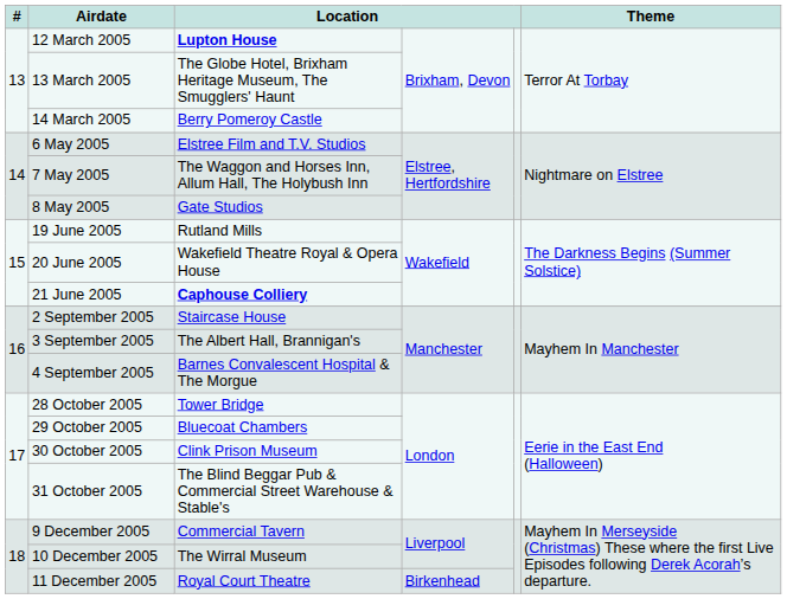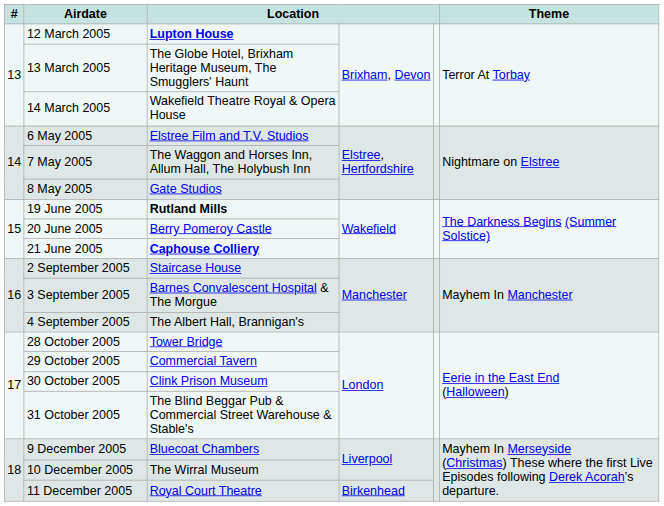 <table class="wikitable" id="series_list" style="width:95%;">
 <tr>
 <th style="background:#c5e4e1;">#</th>
 <th style="background:#c5e4e1; width:150px;">Airdate</th>
 <th style="background:#c5e4e1;" colspan="3">Location</th>
 <th style="background:#c5e4e1;">Theme</th>
 </tr>
 <tr style="background:#eff8f7;">
 <td rowspan="3">13</td>
 <td>12 March 2005</td>
 <td><strong><a href='#'>Lupton House</a></strong></td>
 <td rowspan="3"><a href='#'>Brixham</a>, <a href='#'>Devon</a></td>
 <td rowspan="3"></td>
 <td rowspan="3">Terror At <a href='#'>Torbay</a></td>
 </tr>
 <tr style="background:#eff8f7;">
 <td>13 March 2005</td>
 <td>The Globe Hotel, Brixham Heritage Museum, The Smugglers' Haunt</td>
 </tr>
 <tr style="background:#eff8f7;">
 <td>14 March 2005</td>
-<td><a href='#'>Berry Pomeroy Castle</a></td>
+<td>Wakefield Theatre Royal & Opera House</td>
 </tr>
 <tr style="background:#dee7e6;">
 <td rowspan="3">14</td>
 <td>6 May 2005</td>
 <td><a href='#'>Elstree Film and T.V. Studios</a></td>
 <td rowspan="3"><a href='#'>Elstree</a>, <a href='#'>Hertfordshire</a></td>
 <td rowspan="3"></td>
 <td rowspan="3">Nightmare on <a href='#'>Elstree</a></td>
 </tr>
 <tr style="background:#dee7e6;">
 <td>7 May 2005</td>
 <td>The Waggon and Horses Inn, Allum Hall, The Holybush Inn</td>
 </tr>
 <tr style="background:#dee7e6;">
 <td>8 May 2005</td>
 <td><a href='#'>Gate Studios</a></td>
 </tr>
 <tr style="background:#eff8f7;">
 <td rowspan="3">15</td>
 <td>19 June 2005</td>
-<td>Rutland Mills</td>
+<td><strong>Rutland Mills</strong></td>
 <td rowspan="3"><a href='#'>Wakefield</a></td>
 <td rowspan="3"></td>
 <td rowspan="3"><a href='#'>The Darkness Begins</a> <a href='#'>(Summer Solstice)</a></td>
 </tr>
 <tr style="background:#eff8f7;">
 <td>20 June 2005</td>
-<td>Wakefield Theatre Royal & Opera House</td>
+<td><a href='#'>Berry Pomeroy Castle</a></td>
 </tr>
 <tr style="background:#eff8f7;">
 <td>21 June 2005</td>
 <td><strong><a href='#'>Caphouse Colliery</a></strong></td>
 </tr>
 <tr style="background:#dee7e6;">
 <td rowspan="3">16</td>
 <td>2 September 2005</td>
 <td><a href='#'>Staircase House</a></td>
 <td rowspan="3"><a href='#'>Manchester</a></td>
 <td rowspan="3"></td>
 <td rowspan="3">Mayhem In <a href='#'>Manchester</a></td>
 </tr>
 <tr style="background:#dee7e6;">
 <td>3 September 2005</td>
-<td>The Albert Hall, Brannigan's</td>
+<td><a href='#'>Barnes Convalescent Hospital</a>  & The Morgue</td>
 </tr>
 <tr style="background:#dee7e6;">
 <td>4 September 2005</td>
-<td><a href='#'>Barnes Convalescent Hospital</a>  & The Morgue</td>
+<td>The Albert Hall, Brannigan's</td>
 </tr>
 <tr style="background:#eff8f7;">
 <td rowspan="4">17</td>
 <td>28 October 2005</td>
 <td><a href='#'>Tower Bridge</a></td>
 <td rowspan="4"><a href='#'>London</a></td>
 <td rowspan="4"></td>
 <td rowspan="4"><a href='#'>Eerie in the East End</a><br> (<a href='#'>Halloween</a>)</td>
 </tr>
 <tr style="background:#eff8f7;">
 <td>29 October 2005</td>
-<td><a href='#'>Bluecoat Chambers</a></td>
+<td><a href='#'>Commercial Tavern</a></td>
 </tr>
 <tr style="background:#eff8f7;">
 <td>30 October 2005</td>
 <td><a href='#'>Clink Prison Museum</a></td>
 </tr>
 <tr style="background:#eff8f7;">
 <td>31 October 2005</td>
 <td>The Blind Beggar Pub & Commercial Street Warehouse & Stable's</td>
 </tr>
 <tr style="background:#dee7e6;">
 <td rowspan="3">18</td>
 <td>9 December 2005</td>
-<td><a href='#'>Commercial Tavern</a></td>
+<td><a href='#'>Bluecoat Chambers</a></td>
 <td rowspan="2"><a href='#'>Liverpool</a></td>
 <td rowspan="3"></td>
 <td rowspan="3">Mayhem In <a href='#'>Merseyside</a><br> (<a href='#'>Christmas</a>) These where the first Live Episodes following <a href='#'>Derek Acorah</a>’s departure.</td>
 </tr>
 <tr style="background:#dee7e6;">
 <td>10 December 2005</td>
 <td>The Wirral Museum</td>
 </tr>
 <tr style="background:#dee7e6;">
 <td>11 December 2005</td>
 <td><a href='#'>Royal Court Theatre</a></td>
 <td><a href='#'>Birkenhead</a></td>
 </tr>
 </table>
